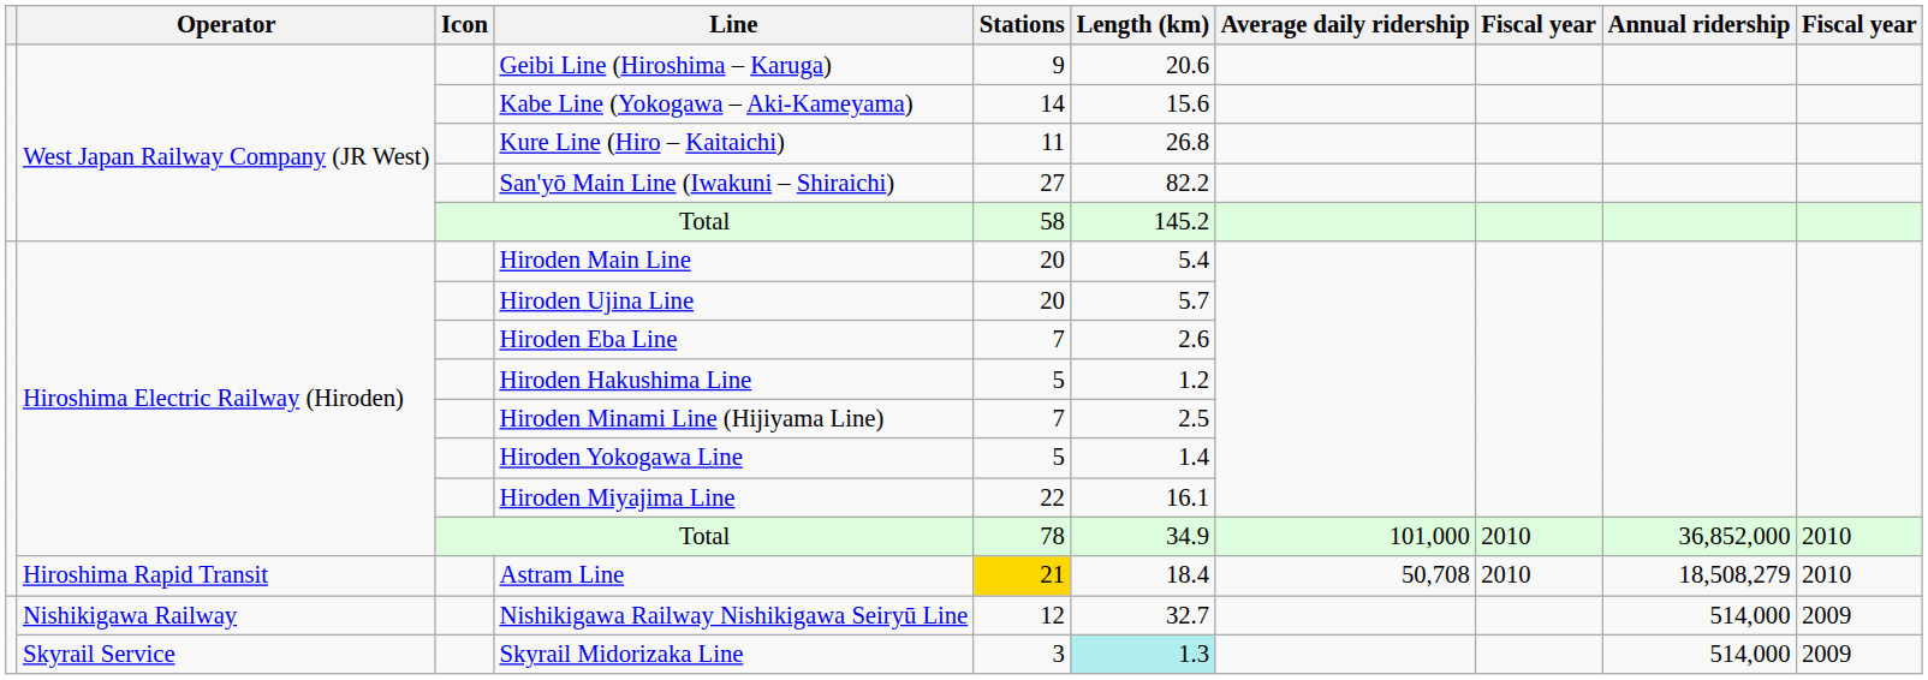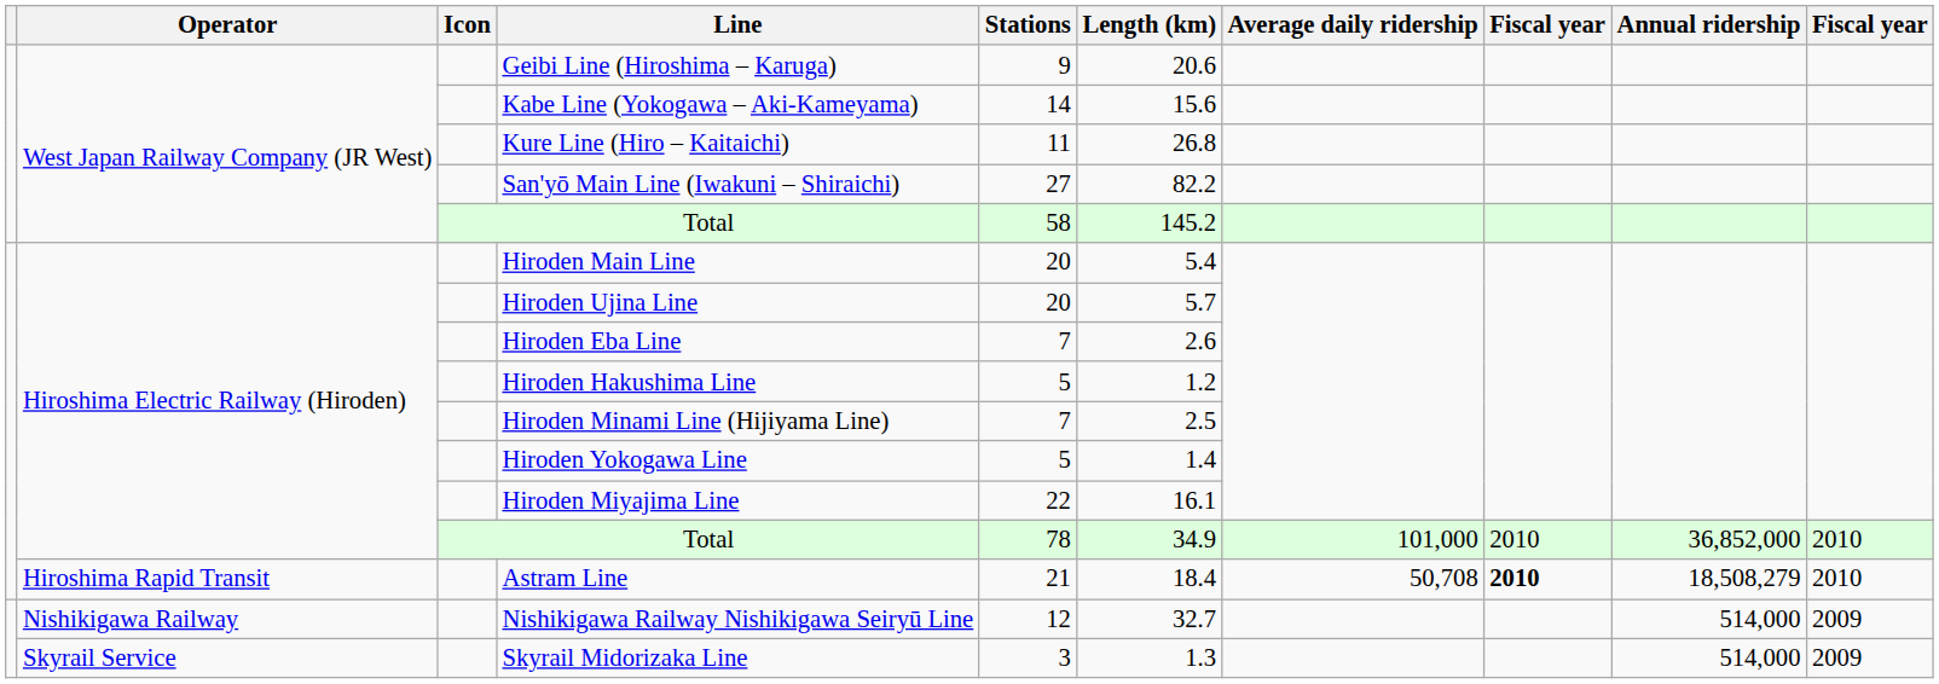 <table class="wikitable sortable">
 <tr>
 <th></th>
 <th>Operator</th>
 <th>Icon</th>
 <th>Line</th>
 <th>Stations</th>
 <th>Length (km)</th>
 <th>Average daily ridership</th>
 <th>Fiscal year</th>
 <th>Annual ridership</th>
 <th>Fiscal year</th>
 </tr>
 <tr>
 <td rowspan="5" style="text-align:center"></td>
 <td rowspan="5"><br><a href='#'>West Japan Railway Company</a> (JR West)</td>
 <td></td>
 <td><a href='#'>Geibi Line</a> (<a href='#'>Hiroshima</a> ‒ <a href='#'>Karuga</a>)</td>
 <td style="text-align:right">9</td>
 <td style="text-align:right">20.6</td>
 <td></td>
 <td></td>
 <td></td>
 <td></td>
 </tr>
 <tr>
 <td></td>
 <td><a href='#'>Kabe Line</a> (<a href='#'>Yokogawa</a> ‒ <a href='#'>Aki-Kameyama</a>)</td>
 <td style="text-align:right">14</td>
 <td style="text-align:right">15.6</td>
 <td></td>
 <td></td>
 <td></td>
 <td></td>
 </tr>
 <tr>
 <td></td>
 <td><a href='#'>Kure Line</a> (<a href='#'>Hiro</a> ‒ <a href='#'>Kaitaichi</a>)</td>
 <td style="text-align:right">11</td>
 <td style="text-align:right">26.8</td>
 <td></td>
 <td></td>
 <td></td>
 <td></td>
 </tr>
 <tr>
 <td><br></td>
 <td><a href='#'>San'yō Main Line</a> (<a href='#'>Iwakuni</a> ‒ <a href='#'>Shiraichi</a>)</td>
 <td style="text-align:right">27</td>
 <td style="text-align:right">82.2</td>
 <td></td>
 <td></td>
 <td></td>
 <td></td>
 </tr>
 <tr style="background:#ddffdd;">
 <td colspan="2" style="text-align:center;">Total</td>
 <td style="text-align:right">58</td>
 <td style="text-align:right">145.2</td>
 <td></td>
 <td></td>
 <td></td>
 <td></td>
 </tr>
 <tr>
 <td rowspan="9" style="text-align:center"></td>
 <td rowspan="8"><a href='#'>Hiroshima Electric Railway</a> (Hiroden)</td>
 <td></td>
 <td><a href='#'>Hiroden Main Line</a></td>
 <td style="text-align:right">20</td>
 <td style="text-align:right">5.4</td>
 <td rowspan="7" style="text-align:right"></td>
 <td rowspan="7"></td>
 <td rowspan="7" style="text-align:right"></td>
 <td rowspan="7"></td>
 </tr>
 <tr>
 <td></td>
 <td><a href='#'>Hiroden Ujina Line</a></td>
 <td style="text-align:right">20</td>
 <td style="text-align:right">5.7</td>
 </tr>
 <tr>
 <td></td>
 <td><a href='#'>Hiroden Eba Line</a></td>
 <td style="text-align:right">7</td>
 <td style="text-align:right">2.6</td>
 </tr>
 <tr>
 <td></td>
 <td><a href='#'>Hiroden Hakushima Line</a></td>
 <td style="text-align:right">5</td>
 <td style="text-align:right">1.2</td>
 </tr>
 <tr>
 <td></td>
 <td><a href='#'>Hiroden Minami Line</a> (Hijiyama Line)</td>
 <td style="text-align:right">7</td>
 <td style="text-align:right">2.5</td>
 </tr>
 <tr>
 <td></td>
 <td><a href='#'>Hiroden Yokogawa Line</a></td>
 <td style="text-align:right">5</td>
 <td style="text-align:right">1.4</td>
 </tr>
 <tr>
 <td></td>
 <td><a href='#'>Hiroden Miyajima Line</a></td>
 <td style="text-align:right">22</td>
 <td style="text-align:right">16.1</td>
 </tr>
 <tr style="background:#ddffdd;">
 <td colspan="2" style="text-align:center;">Total</td>
 <td style="text-align:right">78</td>
 <td style="text-align:right">34.9</td>
 <td style="text-align:right">101,000</td>
 <td>2010</td>
 <td style="text-align:right">36,852,000</td>
 <td>2010</td>
 </tr>
 <tr>
 <td><a href='#'>Hiroshima Rapid Transit</a></td>
 <td></td>
 <td><a href='#'>Astram Line</a></td>
-<td style="background: gold; text-align:right">21</td>
+<td style="text-align:right">21</td>
 <td style="text-align:right">18.4</td>
 <td style="text-align:right">50,708</td>
-<td>2010</td>
+<td><strong>2010</strong></td>
 <td style="text-align:right">18,508,279</td>
 <td>2010</td>
 </tr>
 <tr>
 <td rowspan="2" style="text-align:center"></td>
 <td><a href='#'>Nishikigawa Railway</a></td>
 <td></td>
 <td><a href='#'>Nishikigawa Railway Nishikigawa Seiryū Line</a></td>
 <td style="text-align:right">12</td>
 <td style="text-align:right">32.7</td>
 <td></td>
 <td></td>
 <td style="text-align:right">514,000</td>
 <td>2009</td>
 </tr>
 <tr>
 <td><a href='#'>Skyrail Service</a></td>
 <td></td>
 <td><a href='#'>Skyrail Midorizaka Line</a></td>
 <td style="text-align:right">3</td>
-<td style="background: paleturquoise; text-align:right">1.3</td>
+<td style="text-align:right">1.3</td>
 <td></td>
 <td></td>
 <td style="text-align:right">514,000</td>
 <td>2009</td>
 </tr>
 </table>
